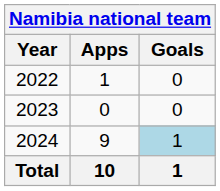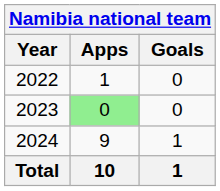 <table class="wikitable" style="text-align:center">
 <tr>
 <th colspan=3><a href='#'>Namibia national team</a></th>
 </tr>
 <tr>
 <th>Year</th>
 <th>Apps</th>
 <th>Goals</th>
 </tr>
 <tr>
 <td>2022</td>
 <td>1</td>
 <td>0</td>
 </tr>
 <tr>
 <td>2023</td>
-<td>0</td>
+<td style="background: lightgreen;">0</td>
 <td>0</td>
 </tr>
 <tr>
 <td>2024</td>
 <td>9</td>
-<td style="background: lightblue;">1</td>
+<td>1</td>
 </tr>
 <tr>
 <th>Total</th>
 <th>10</th>
 <th>1</th>
 </tr>
 </table>
